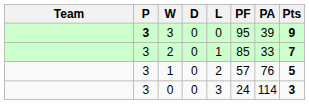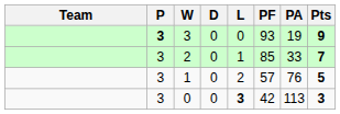 <table class="wikitable" style="text-align:center">
 <tr>
 <th width=165>Team</th>
 <th width=25>P</th>
 <th width=25>W</th>
 <th width=25>D</th>
 <th width=25>L</th>
 <th width=25>PF</th>
 <th width=25>PA</th>
 <th width=25>Pts</th>
 </tr>
 <tr bgcolor=#ccffcc>
 <td align=left></td>
 <td><strong>3</strong></td>
 <td>3</td>
 <td>0</td>
 <td>0</td>
-<td>95</td>
-<td>39</td>
+<td>93</td>
+<td>19</td>
 <td><strong>9</strong></td>
 </tr>
 <tr bgcolor=#ccffcc>
 <td align=left></td>
 <td>3</td>
 <td>2</td>
 <td>0</td>
 <td>1</td>
 <td>85</td>
 <td>33</td>
 <td><strong>7</strong></td>
 </tr>
 <tr>
 <td align=left></td>
 <td>3</td>
 <td>1</td>
 <td>0</td>
 <td>2</td>
 <td>57</td>
 <td>76</td>
 <td><strong>5</strong></td>
 </tr>
 <tr>
 <td align=left></td>
 <td>3</td>
 <td>0</td>
 <td>0</td>
-<td>3</td>
-<td>24</td>
-<td>114</td>
+<td><strong>3</strong></td>
+<td>42</td>
+<td>113</td>
 <td><strong>3</strong></td>
 </tr>
 </table>
